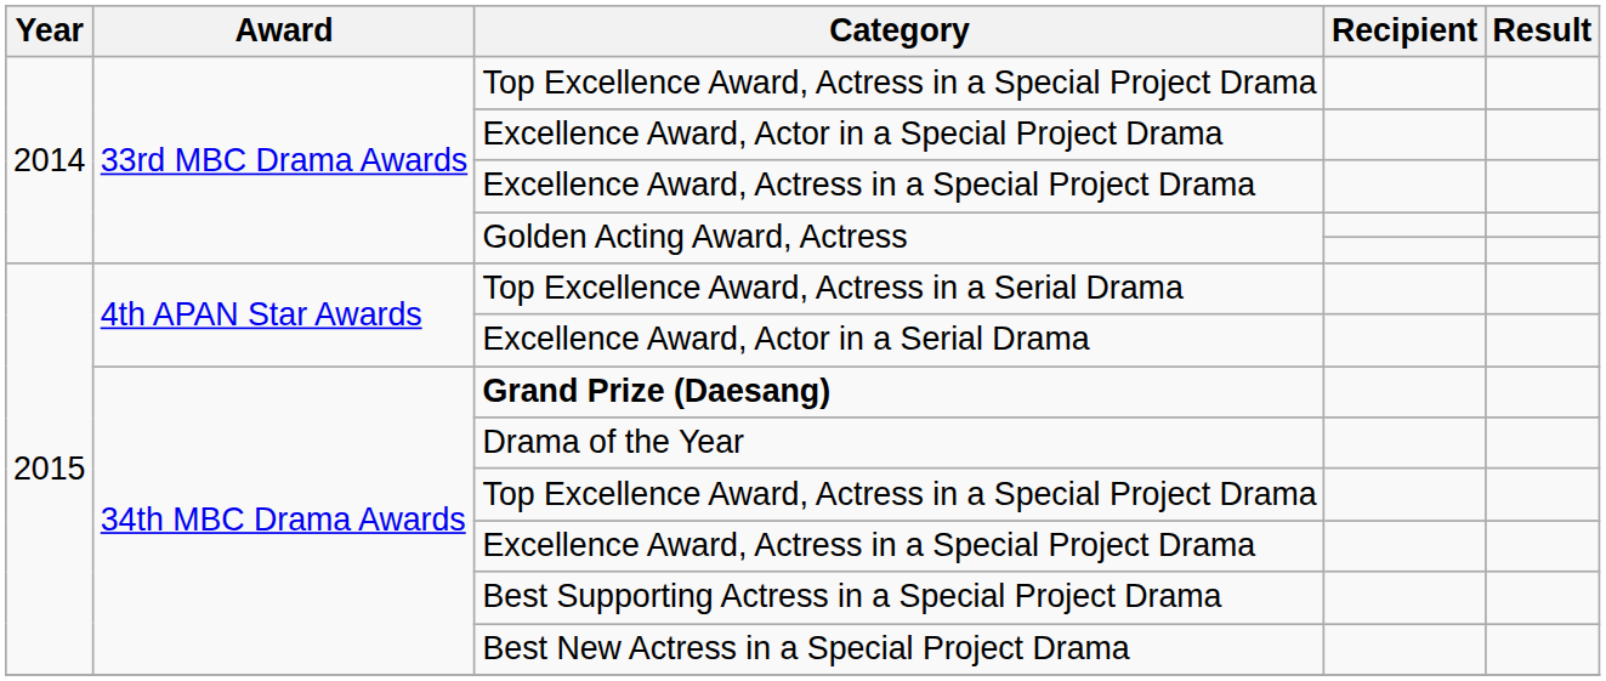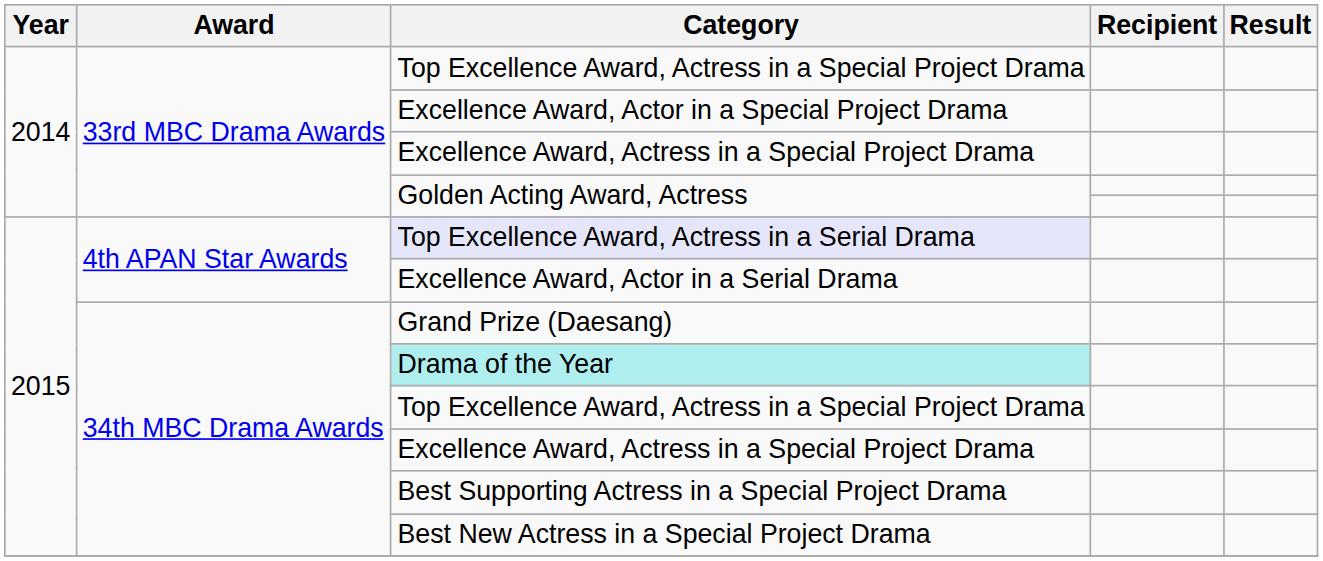 <table class="wikitable">
 <tr>
 <th>Year</th>
 <th>Award</th>
 <th>Category</th>
 <th>Recipient</th>
 <th>Result</th>
 </tr>
 <tr>
 <td rowspan="5">2014</td>
 <td rowspan="5"><a href='#'>33rd MBC Drama Awards</a></td>
 <td>Top Excellence Award, Actress in a Special Project Drama</td>
 <td></td>
 <td></td>
 </tr>
 <tr>
 <td>Excellence Award, Actor in a Special Project Drama</td>
 <td></td>
 <td></td>
 </tr>
 <tr>
 <td>Excellence Award, Actress in a Special Project Drama</td>
 <td></td>
 <td></td>
 </tr>
 <tr>
 <td rowspan="2">Golden Acting Award, Actress</td>
 <td></td>
 <td></td>
 </tr>
 <tr>
 <td></td>
 <td></td>
 </tr>
 <tr>
 <td rowspan="8">2015</td>
 <td rowspan="2"><a href='#'>4th APAN Star Awards</a></td>
-<td>Top Excellence Award, Actress in a Serial Drama</td>
+<td style="background: lavender;">Top Excellence Award, Actress in a Serial Drama</td>
 <td></td>
 <td></td>
 </tr>
 <tr>
 <td>Excellence Award, Actor in a Serial Drama</td>
 <td></td>
 <td></td>
 </tr>
 <tr>
 <td rowspan="6"><a href='#'>34th MBC Drama Awards</a></td>
-<td><strong>Grand Prize (Daesang)</strong></td>
+<td>Grand Prize (Daesang)</td>
 <td></td>
 <td></td>
 </tr>
 <tr>
-<td>Drama of the Year</td>
+<td style="background: paleturquoise;">Drama of the Year</td>
 <td></td>
 <td></td>
 </tr>
 <tr>
 <td>Top Excellence Award, Actress in a Special Project Drama</td>
 <td></td>
 <td></td>
 </tr>
 <tr>
 <td>Excellence Award, Actress in a Special Project Drama</td>
 <td></td>
 <td></td>
 </tr>
 <tr>
 <td>Best Supporting Actress in a Special Project Drama</td>
 <td></td>
 <td></td>
 </tr>
 <tr>
 <td>Best New Actress in a Special Project Drama</td>
 <td></td>
 <td></td>
 </tr>
 <tr>
 </tr>
 </table>
